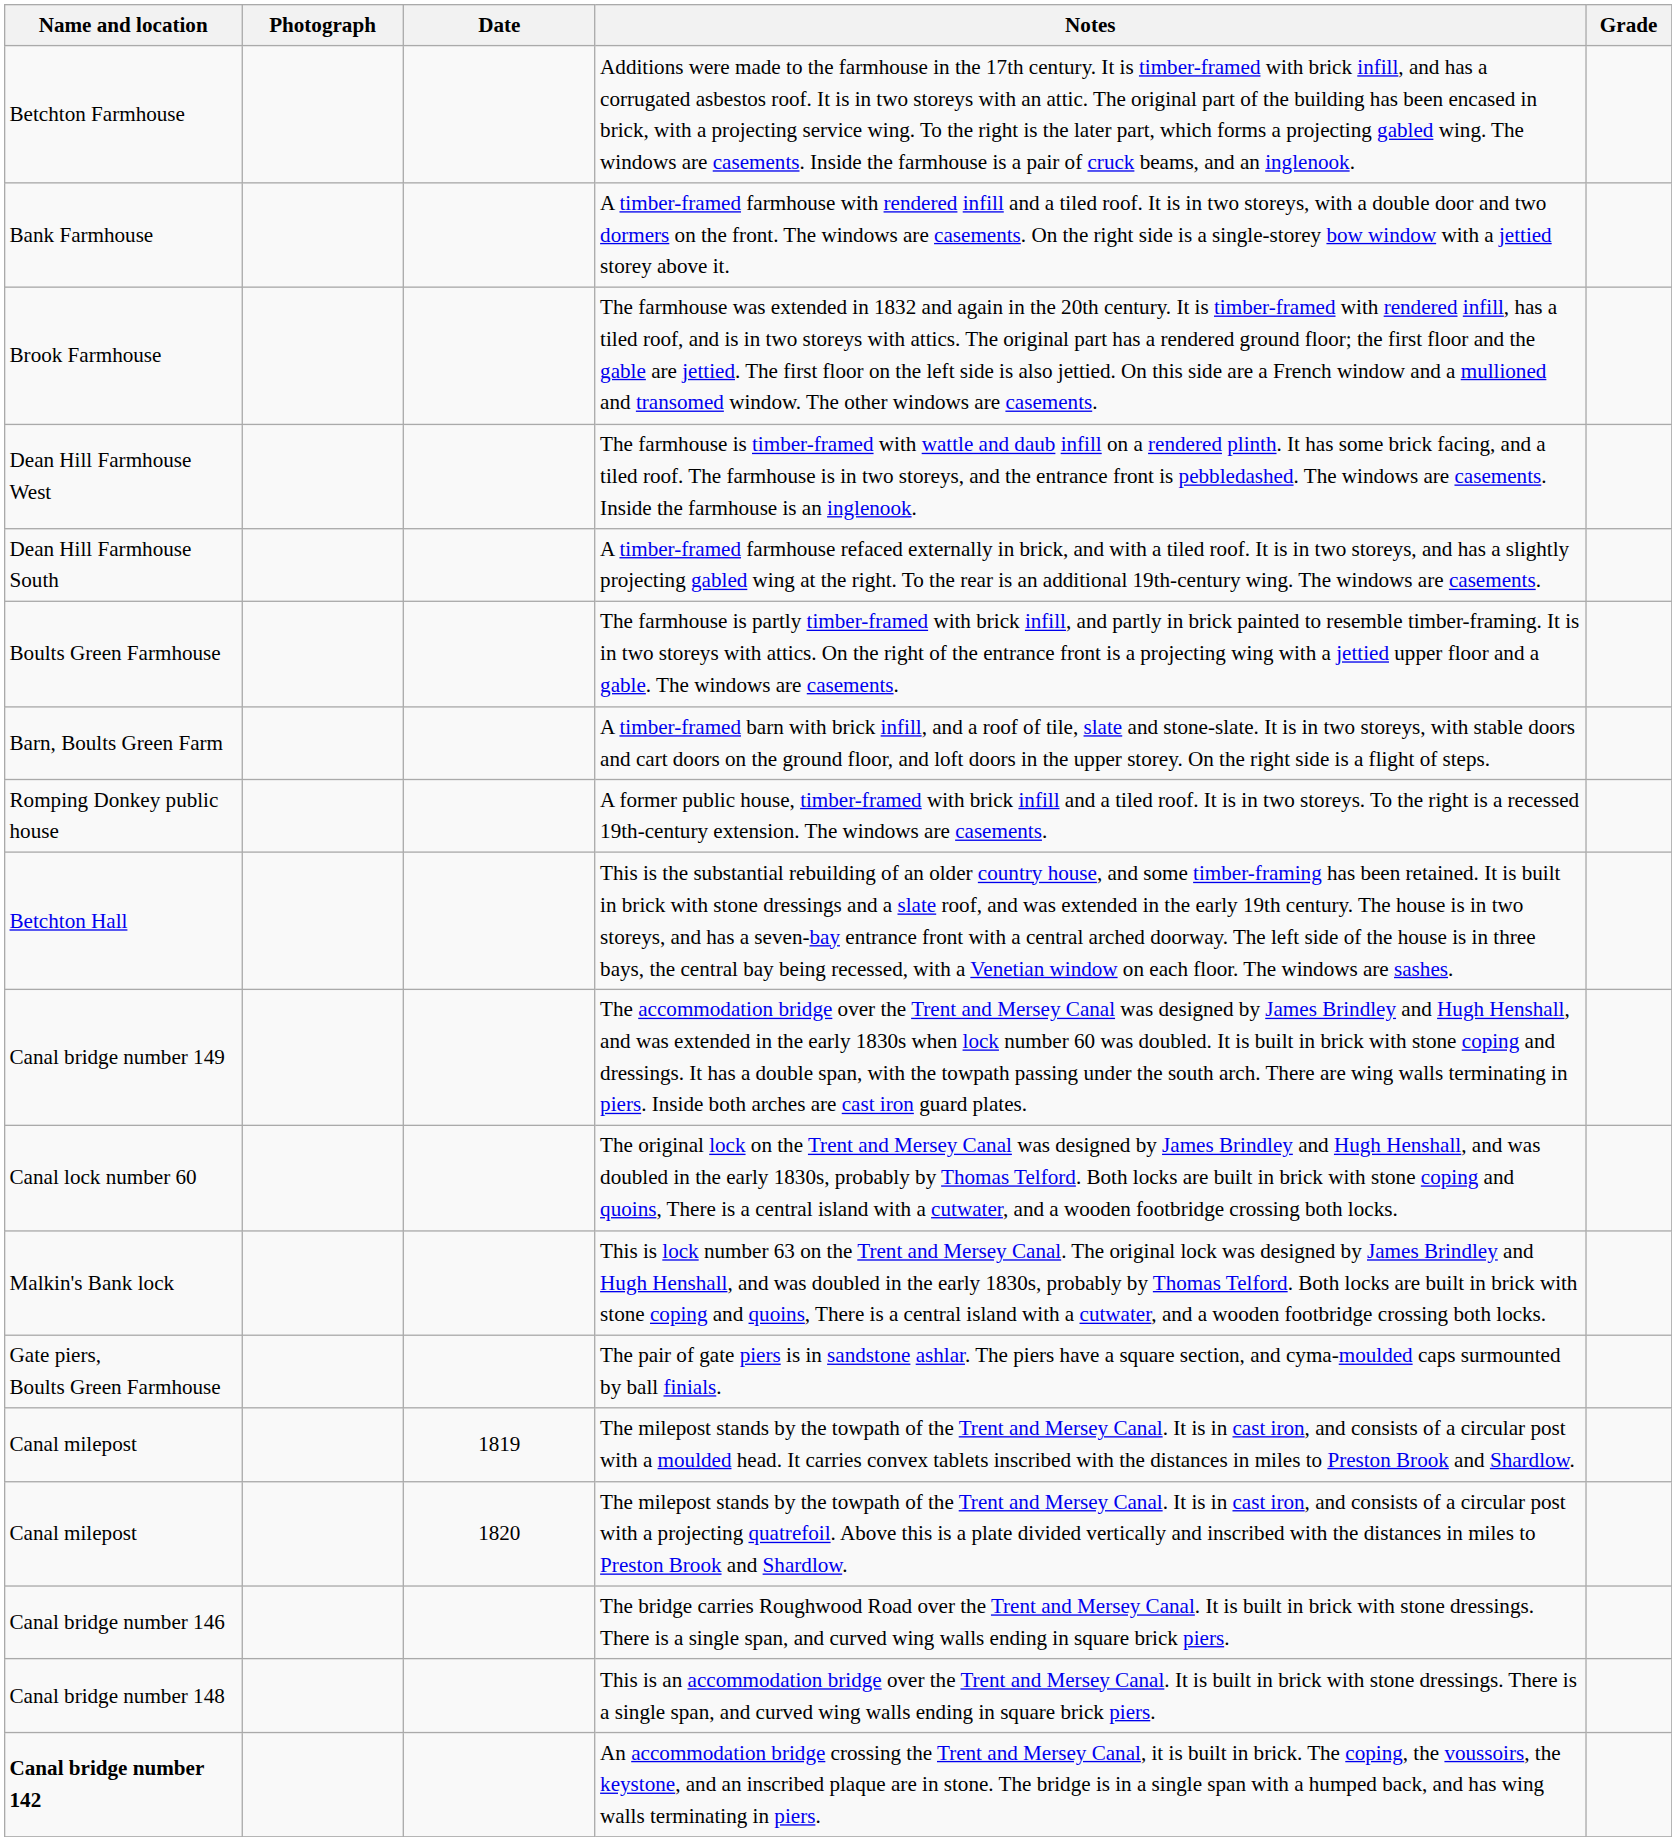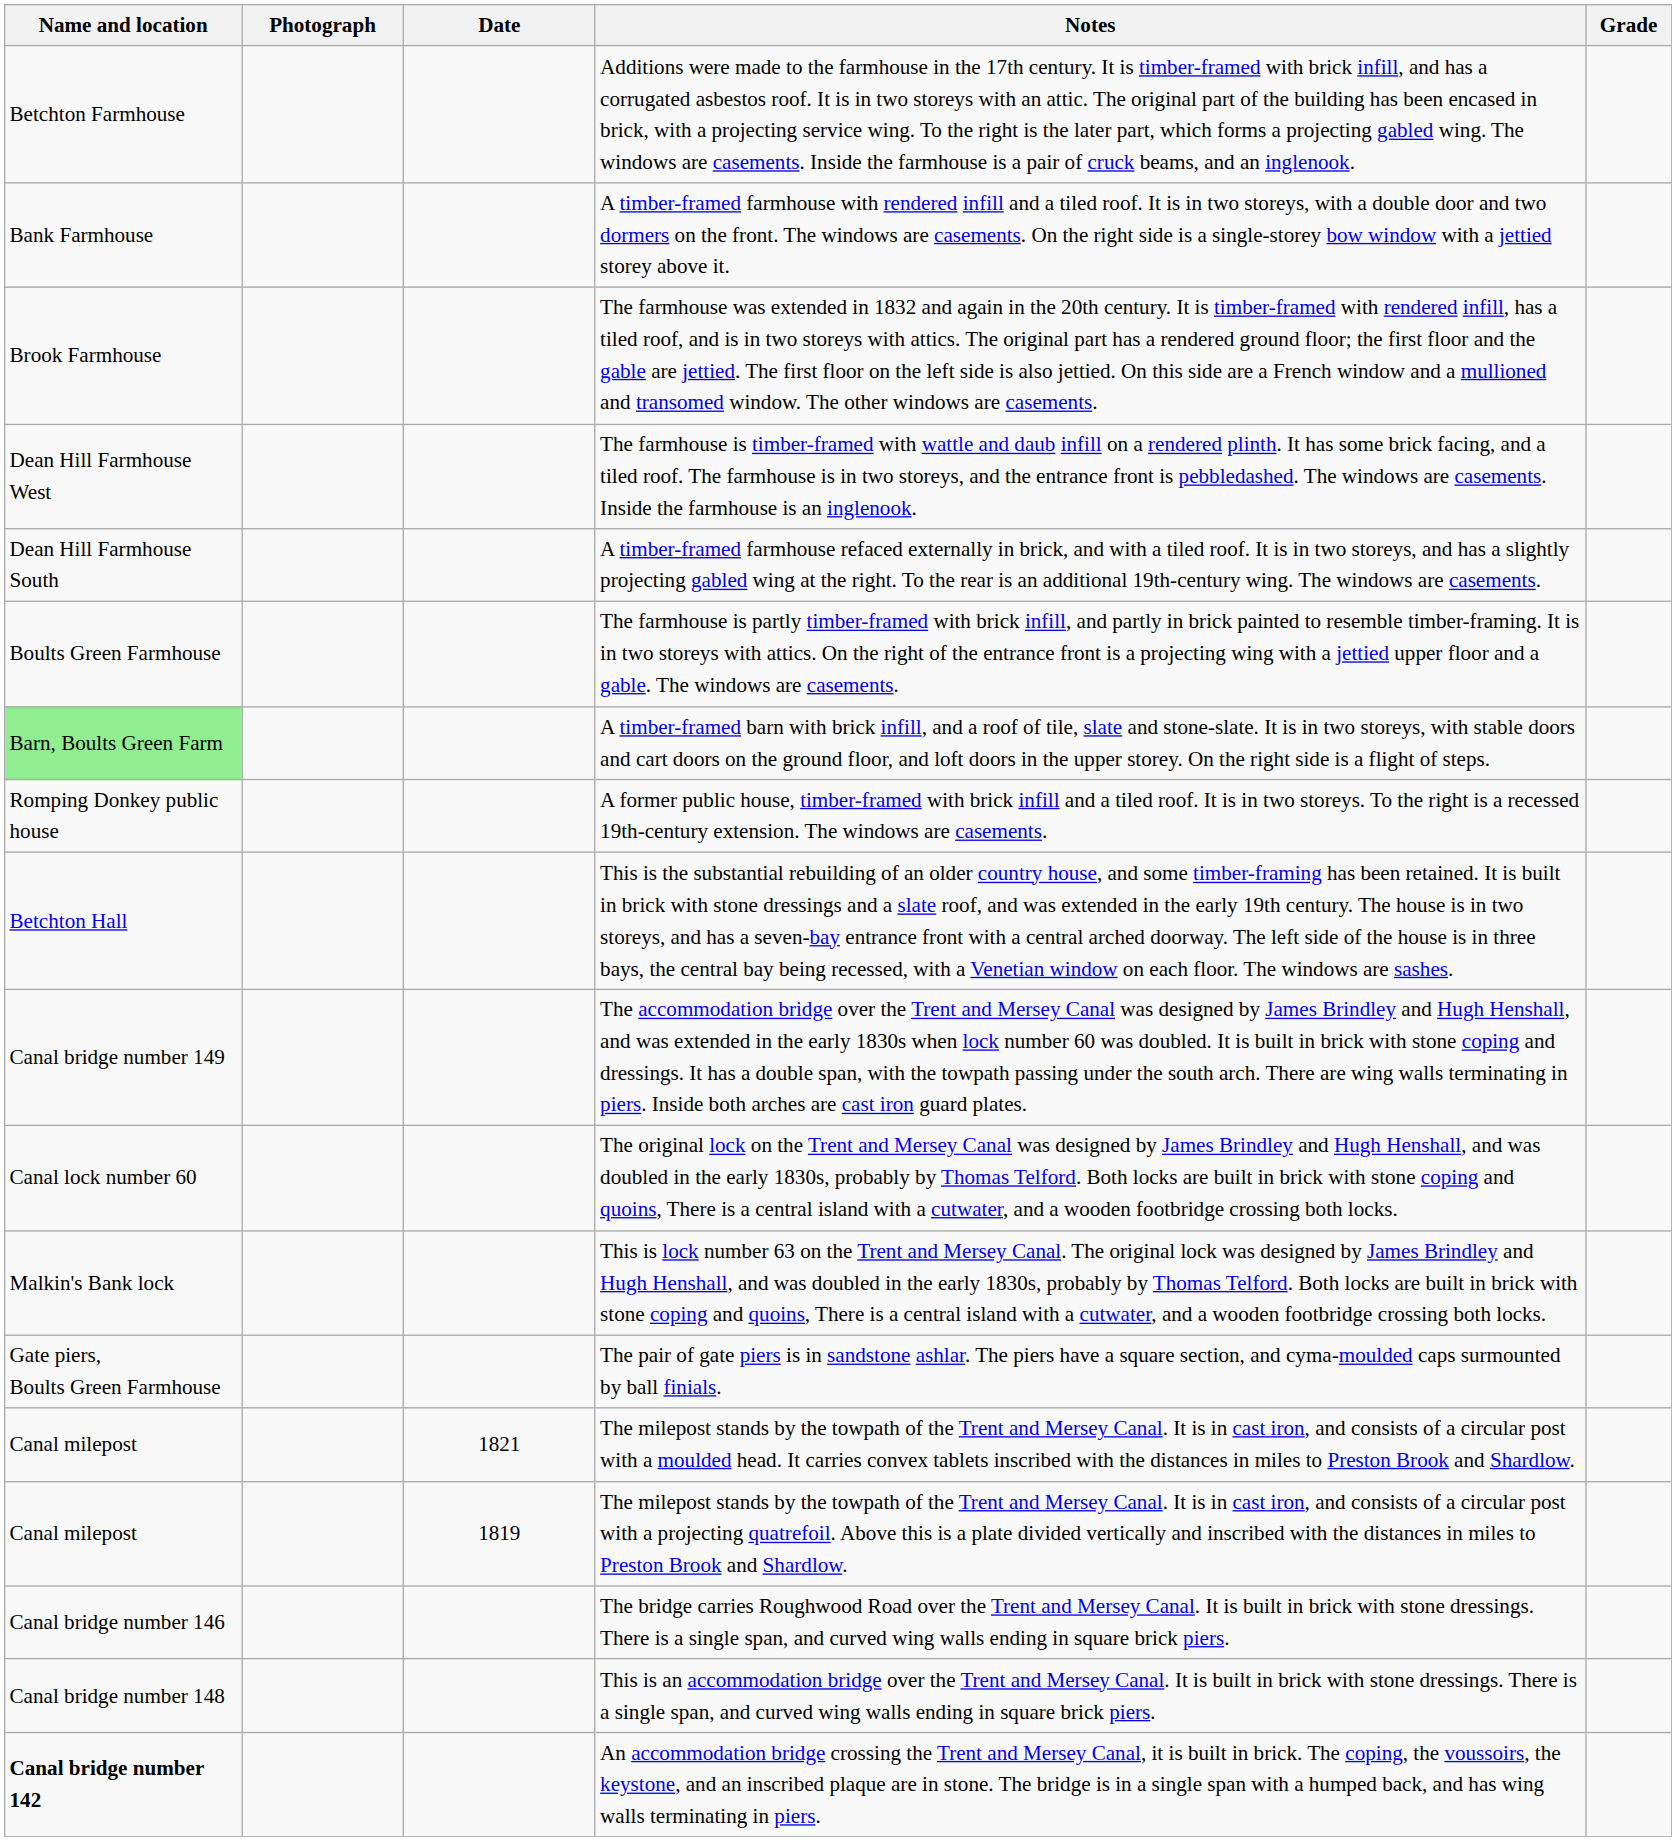 <table class="wikitable sortable plainrowheaders" style="width:100%;border:0px;text-align:left;line-height:150%;">
 <tr>
 <th scope="col" style="width:150px">Name and location</th>
 <th scope="col" style="width:100px" class="unsortable">Photograph</th>
 <th scope="col" style="width:120px">Date</th>
 <th scope="col" style="width:650px" class="unsortable">Notes</th>
 <th scope="col" style="width:50px">Grade</th>
 </tr>
 <tr>
 <td>Betchton Farmhouse<br><small></small></td>
 <td></td>
 <td align="center"></td>
 <td>Additions were made to the farmhouse in the 17th century. It is <a href='#'>timber-framed</a> with brick <a href='#'>infill</a>, and has a corrugated asbestos roof. It is in two storeys with an attic.  The original part of the building has been encased in brick, with a projecting service wing. To the right is the later part, which forms a projecting <a href='#'>gabled</a> wing. The windows are <a href='#'>casements</a>. Inside the farmhouse is a pair of <a href='#'>cruck</a> beams, and an <a href='#'>inglenook</a>.</td>
 <td align="center" ></td>
 </tr>
 <tr>
 <td>Bank Farmhouse<br><small></small></td>
 <td></td>
 <td align="center"></td>
 <td>A <a href='#'>timber-framed</a> farmhouse with <a href='#'>rendered</a> <a href='#'>infill</a> and a tiled roof. It is in two storeys, with a double door and two <a href='#'>dormers</a> on the front. The windows are <a href='#'>casements</a>. On the right side is a single-storey <a href='#'>bow window</a> with a <a href='#'>jettied</a> storey above it.</td>
 <td align="center" ></td>
 </tr>
 <tr>
 <td>Brook Farmhouse<br><small></small></td>
 <td></td>
 <td align="center"></td>
 <td>The farmhouse was extended in 1832 and again in the 20th century. It is <a href='#'>timber-framed</a> with <a href='#'>rendered</a> <a href='#'>infill</a>, has a tiled roof, and is in two storeys with attics. The original part has a rendered ground floor; the first floor and the <a href='#'>gable</a> are <a href='#'>jettied</a>. The first floor on the left side is also jettied. On this side are a French window and a <a href='#'>mullioned</a> and <a href='#'>transomed</a> window. The other windows are <a href='#'>casements</a>.</td>
 <td align="center" ></td>
 </tr>
 <tr>
 <td>Dean Hill Farmhouse West<br><small></small></td>
 <td></td>
 <td align="center"></td>
 <td>The farmhouse is <a href='#'>timber-framed</a> with <a href='#'>wattle and daub</a> <a href='#'>infill</a> on a <a href='#'>rendered</a> <a href='#'>plinth</a>. It has some brick facing, and a tiled roof. The farmhouse is in two storeys, and the entrance front is <a href='#'>pebbledashed</a>. The windows are <a href='#'>casements</a>. Inside the farmhouse is an <a href='#'>inglenook</a>.</td>
 <td align="center" ></td>
 </tr>
 <tr>
 <td>Dean Hill Farmhouse South<br><small></small></td>
 <td></td>
 <td align="center"></td>
 <td>A <a href='#'>timber-framed</a> farmhouse refaced externally in brick, and with a tiled roof. It is in two storeys, and has a slightly projecting <a href='#'>gabled</a> wing at the right. To the rear is an additional 19th-century wing. The windows are <a href='#'>casements</a>.</td>
 <td align="center" ></td>
 </tr>
 <tr>
 <td>Boults Green Farmhouse<br><small></small></td>
 <td></td>
 <td align="center"></td>
 <td>The farmhouse is partly <a href='#'>timber-framed</a> with brick <a href='#'>infill</a>, and partly in brick painted to resemble timber-framing. It is in two storeys with attics. On the right of the entrance front is a projecting wing with a <a href='#'>jettied</a> upper floor and a <a href='#'>gable</a>. The windows are <a href='#'>casements</a>.</td>
 <td align="center" ></td>
 </tr>
 <tr>
-<td>Barn, Boults Green Farm<br><small></small></td>
+<td style="background: lightgreen;">Barn, Boults Green Farm<br><small></small></td>
 <td></td>
 <td align="center"></td>
 <td>A <a href='#'>timber-framed</a> barn with brick <a href='#'>infill</a>, and a roof of tile, <a href='#'>slate</a> and stone-slate. It is in two storeys, with stable doors and cart doors on the ground floor, and loft doors in the upper storey. On the right side is a flight of steps.</td>
 <td align="center" ></td>
 </tr>
 <tr>
 <td>Romping Donkey public house<br><small></small></td>
 <td></td>
 <td align="center"></td>
 <td>A former public house, <a href='#'>timber-framed</a> with brick <a href='#'>infill</a> and a tiled roof. It is in two storeys. To the right is a recessed 19th-century extension.  The windows are <a href='#'>casements</a>.</td>
 <td align="center" ></td>
 </tr>
 <tr>
 <td><a href='#'>Betchton Hall</a><br><small></small></td>
 <td></td>
 <td align="center"></td>
 <td>This is the substantial rebuilding of an older <a href='#'>country house</a>, and some <a href='#'>timber-framing</a> has been retained. It is built in brick with stone dressings and a <a href='#'>slate</a> roof, and was extended in the early 19th century. The house is in two storeys, and has a seven-<a href='#'>bay</a> entrance front with a central arched doorway. The left side of the house is in three bays, the central bay being recessed, with a <a href='#'>Venetian window</a> on each floor. The windows are <a href='#'>sashes</a>.</td>
 <td align="center" ></td>
 </tr>
 <tr>
 <td>Canal bridge number 149<br><small></small></td>
 <td></td>
 <td align="center"></td>
 <td>The <a href='#'>accommodation bridge</a> over the <a href='#'>Trent and Mersey Canal</a> was designed by <a href='#'>James Brindley</a> and <a href='#'>Hugh Henshall</a>, and was extended in the early 1830s when <a href='#'>lock</a> number 60 was doubled. It is built in brick with stone <a href='#'>coping</a> and dressings. It has a double span, with the towpath passing under the south arch. There are wing walls terminating in <a href='#'>piers</a>. Inside both arches are <a href='#'>cast iron</a> guard plates.</td>
 <td align="center" ></td>
 </tr>
 <tr>
 <td>Canal lock number 60<br><small></small></td>
 <td></td>
 <td align="center"></td>
 <td>The original <a href='#'>lock</a> on the <a href='#'>Trent and Mersey Canal</a> was designed by <a href='#'>James Brindley</a> and <a href='#'>Hugh Henshall</a>, and was doubled in the early 1830s, probably by <a href='#'>Thomas Telford</a>. Both locks are built in brick with stone <a href='#'>coping</a> and <a href='#'>quoins</a>, There is a central island with a <a href='#'>cutwater</a>, and a wooden footbridge crossing both locks.</td>
 <td align="center" ></td>
 </tr>
 <tr>
 <td>Malkin's Bank lock<br><small></small></td>
 <td></td>
 <td align="center"></td>
 <td>This is <a href='#'>lock</a> number 63 on the <a href='#'>Trent and Mersey Canal</a>. The original lock was designed by <a href='#'>James Brindley</a> and <a href='#'>Hugh Henshall</a>, and was doubled in the early 1830s, probably by <a href='#'>Thomas Telford</a>. Both locks are built in brick with stone <a href='#'>coping</a> and <a href='#'>quoins</a>, There is a central island with a <a href='#'>cutwater</a>, and a wooden footbridge crossing both locks.</td>
 <td align="center" ></td>
 </tr>
 <tr>
 <td>Gate piers,<br>Boults Green Farmhouse<br><small></small></td>
 <td></td>
 <td align="center"></td>
 <td>The pair of gate <a href='#'>piers</a> is in <a href='#'>sandstone</a> <a href='#'>ashlar</a>. The piers have a square section, and cyma-<a href='#'>moulded</a> caps surmounted by ball <a href='#'>finials</a>.</td>
 <td align="center" ></td>
 </tr>
 <tr>
 <td>Canal milepost<br><small></small></td>
 <td></td>
-<td align="center">1819</td>
+<td align="center">1821</td>
 <td>The milepost stands by the towpath of the <a href='#'>Trent and Mersey Canal</a>. It is in <a href='#'>cast iron</a>, and consists of a circular post with a <a href='#'>moulded</a> head. It carries convex tablets inscribed with the distances in miles to <a href='#'>Preston Brook</a> and <a href='#'>Shardlow</a>.</td>
 <td align="center" ></td>
 </tr>
 <tr>
 <td>Canal milepost<br><small></small></td>
 <td></td>
-<td align="center">1820</td>
+<td align="center">1819</td>
 <td>The milepost stands by the towpath of the <a href='#'>Trent and Mersey Canal</a>. It is in <a href='#'>cast iron</a>, and consists of a circular post with a projecting <a href='#'>quatrefoil</a>. Above this is a plate divided vertically and inscribed with the distances in miles to <a href='#'>Preston Brook</a> and <a href='#'>Shardlow</a>.</td>
 <td align="center" ></td>
 </tr>
 <tr>
 <td>Canal bridge number 146<br><small></small></td>
 <td></td>
 <td align="center"></td>
 <td>The bridge carries Roughwood Road over the <a href='#'>Trent and Mersey Canal</a>. It is built in brick with stone dressings. There is a single span, and curved wing walls ending in square brick <a href='#'>piers</a>.</td>
 <td align="center" ></td>
 </tr>
 <tr>
 <td>Canal bridge number 148<br><small></small></td>
 <td></td>
 <td align="center"></td>
 <td>This is an <a href='#'>accommodation bridge</a> over the <a href='#'>Trent and Mersey Canal</a>. It is built in brick with stone dressings. There is a single span, and curved wing walls ending in square brick <a href='#'>piers</a>.</td>
 <td align="center" ></td>
 </tr>
 <tr>
 <td><strong>Canal bridge number 142<br><small></small></strong></td>
 <td></td>
 <td align="center"></td>
 <td>An <a href='#'>accommodation bridge</a> crossing the <a href='#'>Trent and Mersey Canal</a>, it is built in brick. The <a href='#'>coping</a>, the <a href='#'>voussoirs</a>, the <a href='#'>keystone</a>, and an inscribed plaque are in stone. The bridge is in a single span with a humped back, and has wing walls terminating in <a href='#'>piers</a>.</td>
 <td align="center" ></td>
 </tr>
 <tr>
 </tr>
 </table>
